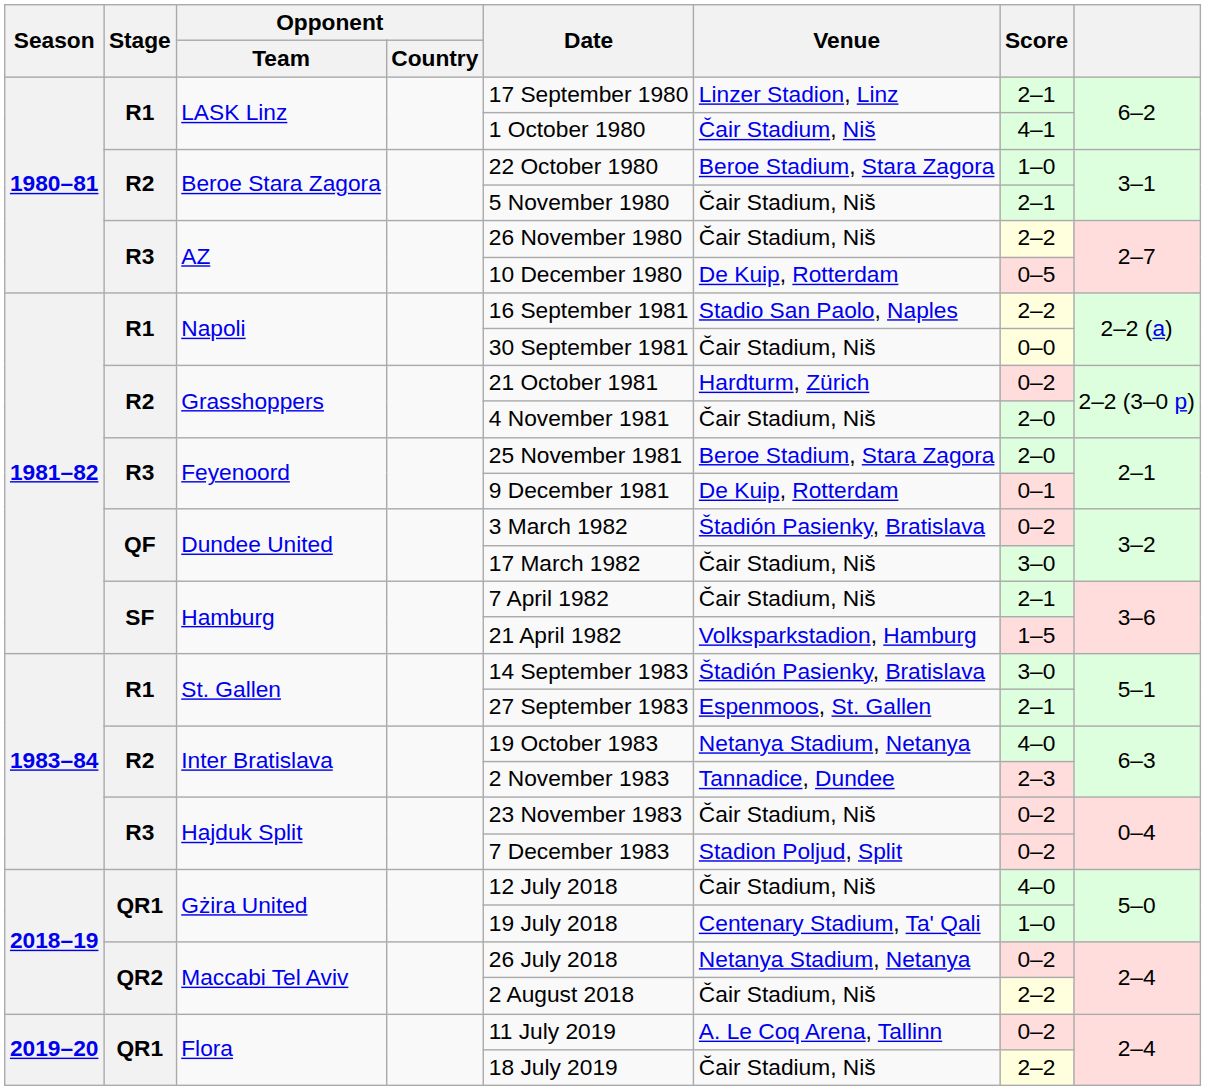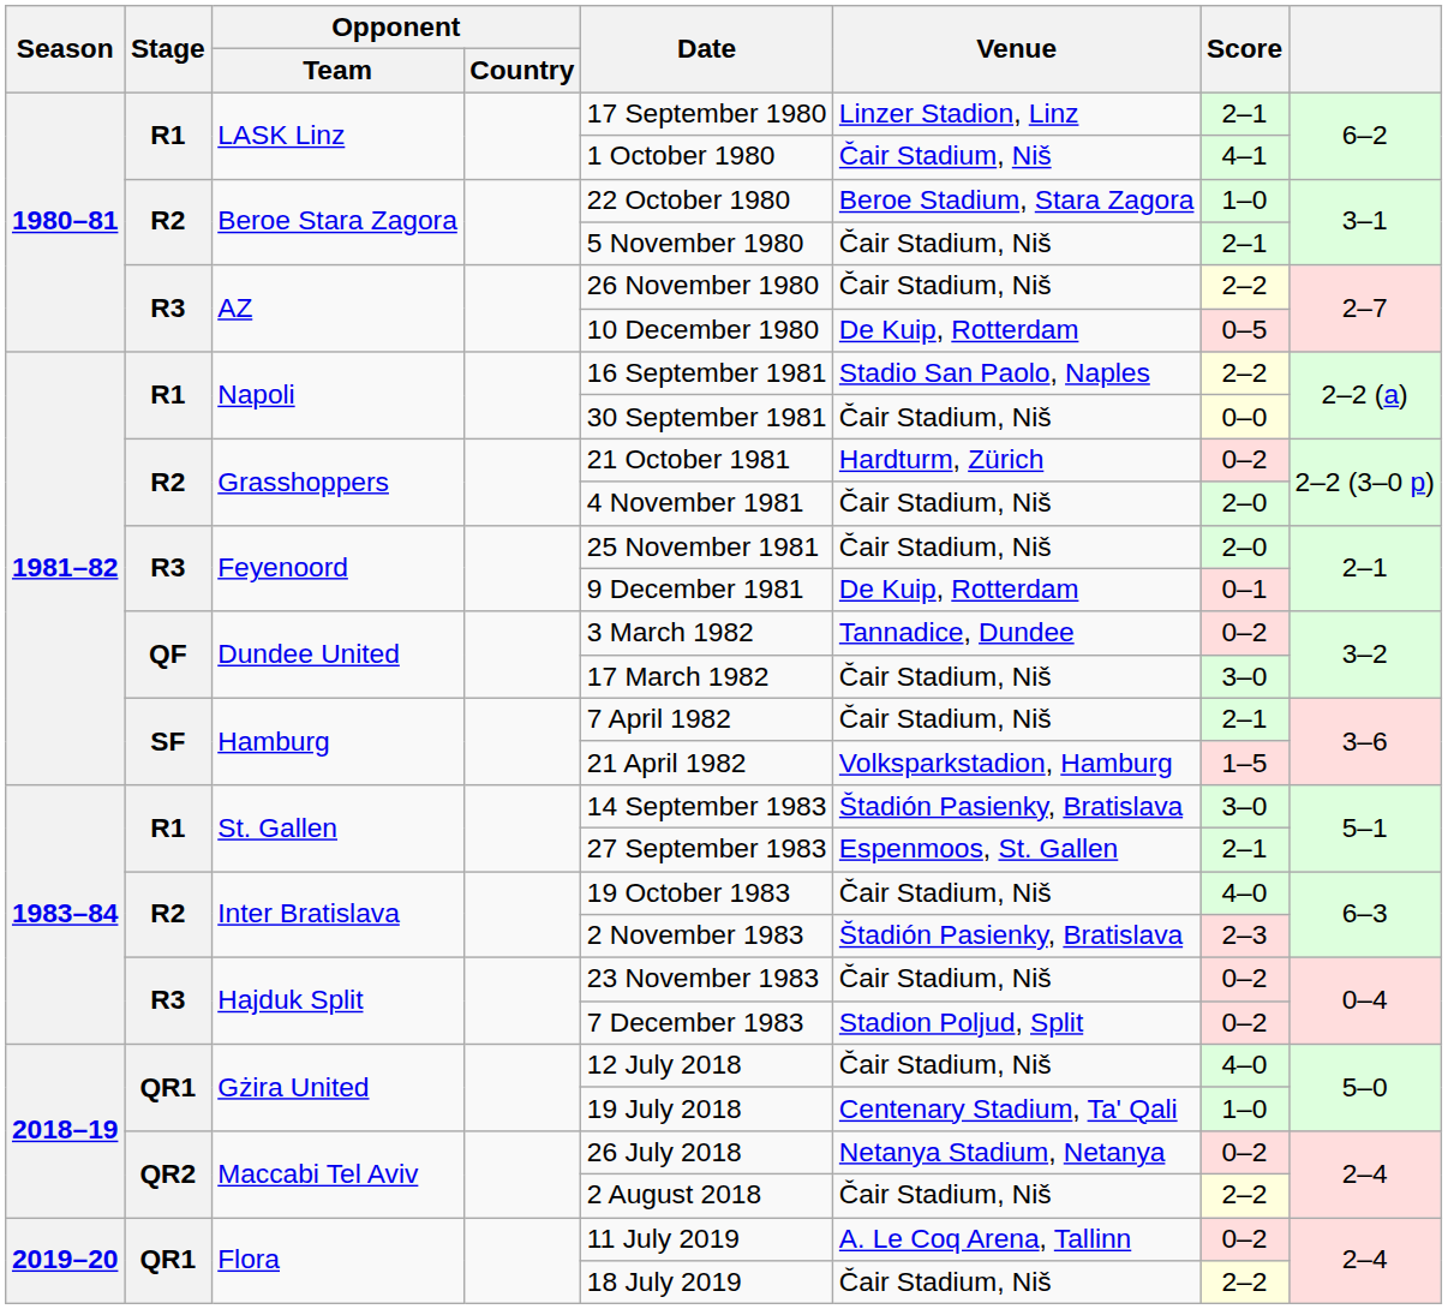 <table class="wikitable plainrowheaders">
 <tr>
 <th rowspan=2>Season</th>
 <th rowspan=2>Stage</th>
 <th scope="col" colspan=2>Opponent</th>
 <th scope="col" rowspan=2>Date</th>
 <th scope="col" rowspan=2>Venue</th>
 <th scope="col" rowspan=2>Score</th>
 <th scope="col" rowspan=2></th>
 </tr>
 <tr>
 <th scope="col">Team</th>
 <th scope="col">Country</th>
 </tr>
 <tr>
 <th scope=row rowspan="6"><a href='#'>1980–81</a></th>
 <th scope=row rowspan="2">R1</th>
 <td rowspan="2"><a href='#'>LASK Linz</a></td>
 <td rowspan="2"></td>
 <td>17 September 1980</td>
 <td><a href='#'>Linzer Stadion</a>, <a href='#'>Linz</a></td>
 <td style="text-align:center; background:#dfd;">2–1</td>
 <td rowspan="2" style="text-align:center; background:#dfd;">6–2</td>
 </tr>
 <tr>
 <td>1 October 1980</td>
 <td><a href='#'>Čair Stadium</a>, <a href='#'>Niš</a></td>
 <td style="text-align:center; background:#dfd;">4–1</td>
 </tr>
 <tr>
 <th scope=row rowspan="2">R2</th>
 <td rowspan="2"><a href='#'>Beroe Stara Zagora</a></td>
 <td rowspan="2"></td>
 <td>22 October 1980</td>
 <td><a href='#'>Beroe Stadium</a>, <a href='#'>Stara Zagora</a></td>
 <td style="text-align:center; background:#dfd;">1–0</td>
 <td rowspan="2" style="text-align:center; background:#dfd;">3–1</td>
 </tr>
 <tr>
 <td>5 November 1980</td>
 <td>Čair Stadium, Niš</td>
 <td style="text-align:center; background:#dfd;">2–1</td>
 </tr>
 <tr>
 <th scope=row rowspan="2">R3</th>
 <td rowspan="2"><a href='#'>AZ</a></td>
 <td rowspan="2"></td>
 <td>26 November 1980</td>
 <td>Čair Stadium, Niš</td>
 <td style="text-align:center; background:#ffd;">2–2</td>
 <td rowspan="2" style="text-align:center; background:#fdd;">2–7</td>
 </tr>
 <tr>
 <td>10 December 1980</td>
 <td><a href='#'>De Kuip</a>, <a href='#'>Rotterdam</a></td>
 <td style="text-align:center; background:#fdd;">0–5</td>
 </tr>
 <tr>
 <th scope=row rowspan="10"><a href='#'>1981–82</a></th>
 <th scope=row rowspan="2">R1</th>
 <td rowspan="2"><a href='#'>Napoli</a></td>
 <td rowspan="2"></td>
 <td>16 September 1981</td>
 <td><a href='#'>Stadio San Paolo</a>, <a href='#'>Naples</a></td>
 <td style="text-align:center; background:#ffd;">2–2</td>
 <td rowspan="2" style="text-align:center; background:#dfd;">2–2 (<a href='#'>a</a>)</td>
 </tr>
 <tr>
 <td>30 September 1981</td>
 <td>Čair Stadium, Niš</td>
 <td style="text-align:center; background:#ffd;">0–0</td>
 </tr>
 <tr>
 <th scope=row rowspan="2">R2</th>
 <td rowspan="2"><a href='#'>Grasshoppers</a></td>
 <td rowspan="2"></td>
 <td>21 October 1981</td>
 <td><a href='#'>Hardturm</a>, <a href='#'>Zürich</a></td>
 <td style="text-align:center; background:#fdd;">0–2</td>
 <td rowspan="2" style="text-align:center; background:#dfd;">2–2 (3–0 <a href='#'>p</a>)</td>
 </tr>
 <tr>
 <td>4 November 1981</td>
 <td>Čair Stadium, Niš</td>
 <td style="text-align:center; background:#dfd;">2–0</td>
 </tr>
 <tr>
 <th scope=row rowspan="2">R3</th>
 <td rowspan="2"><a href='#'>Feyenoord</a></td>
 <td rowspan="2"></td>
 <td>25 November 1981</td>
-<td><a href='#'>Beroe Stadium</a>, <a href='#'>Stara Zagora</a></td>
+<td>Čair Stadium, Niš</td>
 <td style="text-align:center; background:#dfd;">2–0</td>
 <td rowspan="2" style="text-align:center; background:#dfd;">2–1</td>
 </tr>
 <tr>
 <td>9 December 1981</td>
 <td><a href='#'>De Kuip</a>, <a href='#'>Rotterdam</a></td>
 <td style="text-align:center; background:#fdd;">0–1</td>
 </tr>
 <tr>
 <th scope=row rowspan="2">QF</th>
 <td rowspan="2"><a href='#'>Dundee United</a></td>
 <td rowspan="2"></td>
 <td>3 March 1982</td>
-<td><a href='#'>Štadión Pasienky</a>, <a href='#'>Bratislava</a></td>
+<td><a href='#'>Tannadice</a>, <a href='#'>Dundee</a></td>
 <td style="text-align:center; background:#fdd;">0–2</td>
 <td rowspan="2" style="text-align:center; background:#dfd;">3–2</td>
 </tr>
 <tr>
 <td>17 March 1982</td>
 <td>Čair Stadium, Niš</td>
 <td style="text-align:center; background:#dfd;">3–0</td>
 </tr>
 <tr>
 <th scope=row rowspan="2">SF</th>
 <td rowspan="2"><a href='#'>Hamburg</a></td>
 <td rowspan="2"></td>
 <td>7 April 1982</td>
 <td>Čair Stadium, Niš</td>
 <td style="text-align:center; background:#dfd;">2–1</td>
 <td rowspan="2" style="text-align:center; background:#fdd;">3–6</td>
 </tr>
 <tr>
 <td>21 April 1982</td>
 <td><a href='#'>Volksparkstadion</a>, <a href='#'>Hamburg</a></td>
 <td style="text-align:center; background:#fdd;">1–5</td>
 </tr>
 <tr>
 <th scope=row rowspan="6"><a href='#'>1983–84</a></th>
 <th scope=row rowspan="2">R1</th>
 <td rowspan="2"><a href='#'>St. Gallen</a></td>
 <td rowspan="2"></td>
 <td>14 September 1983</td>
 <td><a href='#'>Štadión Pasienky</a>, <a href='#'>Bratislava</a></td>
 <td style="text-align:center; background:#dfd;">3–0</td>
 <td rowspan="2" style="text-align:center; background:#dfd;">5–1</td>
 </tr>
 <tr>
 <td>27 September 1983</td>
 <td><a href='#'>Espenmoos</a>, <a href='#'>St. Gallen</a></td>
 <td style="text-align:center; background:#dfd;">2–1</td>
 </tr>
 <tr>
 <th scope=row rowspan="2">R2</th>
 <td rowspan="2"><a href='#'>Inter Bratislava</a></td>
 <td rowspan="2"></td>
 <td>19 October 1983</td>
-<td><a href='#'>Netanya Stadium</a>, <a href='#'>Netanya</a></td>
+<td>Čair Stadium, Niš</td>
 <td style="text-align:center; background:#dfd;">4–0</td>
 <td rowspan="2" style="text-align:center; background:#dfd;">6–3</td>
 </tr>
 <tr>
 <td>2 November 1983</td>
-<td><a href='#'>Tannadice</a>, <a href='#'>Dundee</a></td>
+<td><a href='#'>Štadión Pasienky</a>, <a href='#'>Bratislava</a></td>
 <td style="text-align:center; background:#fdd;">2–3</td>
 </tr>
 <tr>
 <th scope=row rowspan="2">R3</th>
 <td rowspan="2"><a href='#'>Hajduk Split</a></td>
 <td rowspan="2"></td>
 <td>23 November 1983</td>
 <td>Čair Stadium, Niš</td>
 <td style="text-align:center; background:#fdd;">0–2</td>
 <td rowspan="2" style="text-align:center; background:#fdd;">0–4</td>
 </tr>
 <tr>
 <td>7 December 1983</td>
 <td><a href='#'>Stadion Poljud</a>, <a href='#'>Split</a></td>
 <td style="text-align:center; background:#fdd;">0–2</td>
 </tr>
 <tr>
 <th scope=row rowspan="4"><a href='#'>2018–19</a></th>
 <th scope=row rowspan="2">QR1</th>
 <td rowspan="2"><a href='#'>Gżira United</a></td>
 <td rowspan="2"></td>
 <td>12 July 2018</td>
 <td>Čair Stadium, Niš</td>
 <td style="text-align:center; background:#dfd;">4–0</td>
 <td rowspan="2" style="text-align:center; background:#dfd;">5–0</td>
 </tr>
 <tr>
 <td>19 July 2018</td>
 <td><a href='#'>Centenary Stadium</a>, <a href='#'>Ta' Qali</a></td>
 <td style="text-align:center; background:#dfd;">1–0</td>
 </tr>
 <tr>
 <th scope=row rowspan="2">QR2</th>
 <td rowspan="2"><a href='#'>Maccabi Tel Aviv</a></td>
 <td rowspan="2"></td>
 <td>26 July 2018</td>
 <td><a href='#'>Netanya Stadium</a>, <a href='#'>Netanya</a></td>
 <td style="text-align:center; background:#fdd;">0–2</td>
 <td rowspan="2" style="text-align:center; background:#fdd;">2–4</td>
 </tr>
 <tr>
 <td>2 August 2018</td>
 <td>Čair Stadium, Niš</td>
 <td style="text-align:center; background:#ffd;">2–2</td>
 </tr>
 <tr>
 <th scope=row rowspan="2"><a href='#'>2019–20</a></th>
 <th scope=row rowspan="2">QR1</th>
 <td rowspan="2"><a href='#'>Flora</a></td>
 <td rowspan="2"></td>
 <td>11 July 2019</td>
 <td><a href='#'>A. Le Coq Arena</a>, <a href='#'>Tallinn</a></td>
 <td style="text-align:center; background:#fdd;">0–2</td>
 <td rowspan="2" style="text-align:center; background:#fdd;">2–4</td>
 </tr>
 <tr>
 <td>18 July 2019</td>
 <td>Čair Stadium, Niš</td>
 <td style="text-align:center; background:#ffd;">2–2</td>
 </tr>
 </table>
